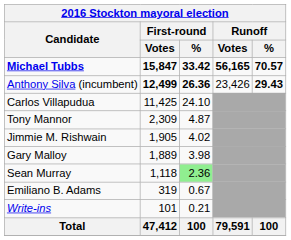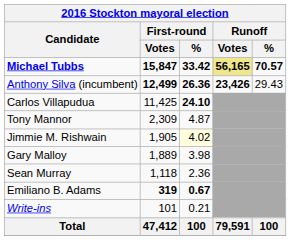 <table class=wikitable>
 <tr>
 <th colspan=5><a href='#'>2016 Stockton mayoral election</a></th>
 </tr>
 <tr>
 <th colspan=1 rowspan=2>Candidate</th>
 <th colspan=2>First-round</th>
 <th colspan=2>Runoff</th>
 </tr>
 <tr>
 <th>Votes</th>
 <th>%</th>
 <th>Votes</th>
 <th>%</th>
 </tr>
 <tr>
 <td><strong><a href='#'>Michael Tubbs</a></strong></td>
 <td align="right"><strong>15,847</strong></td>
 <td align="right"><strong>33.42</strong></td>
-<td align="right"><strong>56,165</strong></td>
+<td align="right" style="background: khaki;"><strong>56,165</strong></td>
 <td align="right"><strong>70.57</strong></td>
 </tr>
 <tr>
 <td><a href='#'>Anthony Silva</a> (incumbent)</td>
 <td align="right"><strong>12,499</strong></td>
 <td align="right"><strong>26.36</strong></td>
-<td align="right">23,426</td>
-<td align="right"><strong>29.43</strong></td>
+<td align="right"><strong>23,426</strong></td>
+<td align="right">29.43</td>
 </tr>
 <tr>
 <td>Carlos Villapudua</td>
 <td align="right">11,425</td>
-<td align="right">24.10</td>
+<td align="right"><strong>24.10</strong></td>
 <td colspan=2 bgcolor=darkgray></td>
 </tr>
 <tr>
 <td>Tony Mannor</td>
 <td align="right">2,309</td>
 <td align="right">4.87</td>
 <td colspan=2 bgcolor=darkgray></td>
 </tr>
 <tr>
 <td>Jimmie M. Rishwain</td>
 <td align="right">1,905</td>
-<td align="right">4.02</td>
+<td align="right" style="background: lightyellow;">4.02</td>
 <td colspan=2 bgcolor=darkgray></td>
 </tr>
 <tr>
 <td>Gary Malloy</td>
 <td align="right">1,889</td>
 <td align="right">3.98</td>
 <td colspan=2 bgcolor=darkgray></td>
 </tr>
 <tr>
 <td>Sean Murray</td>
 <td align="right">1,118</td>
-<td align="right" style="background: lightgreen;">2.36</td>
+<td align="right">2.36</td>
 <td colspan=2 bgcolor=darkgray></td>
 </tr>
 <tr>
 <td>Emiliano B. Adams</td>
-<td align="right">319</td>
-<td align="right">0.67</td>
+<td align="right"><strong>319</strong></td>
+<td align="right"><strong>0.67</strong></td>
 <td colspan=2 bgcolor=darkgray></td>
 </tr>
 <tr>
 <td><em><a href='#'>Write-ins</a></em></td>
 <td align="right">101</td>
 <td align="right">0.21</td>
 <td colspan=2 bgcolor=darkgray></td>
 </tr>
 <tr>
 <th>Total</th>
 <th>47,412</th>
 <th>100</th>
 <th>79,591</th>
 <th>100</th>
 </tr>
 <tr>
 </tr>
 </table>
